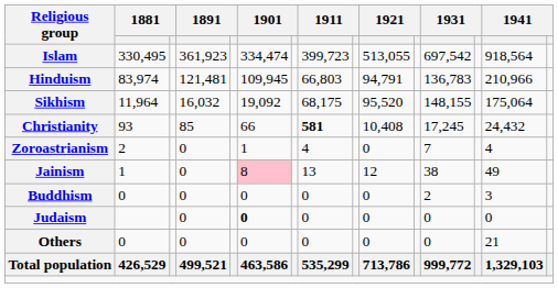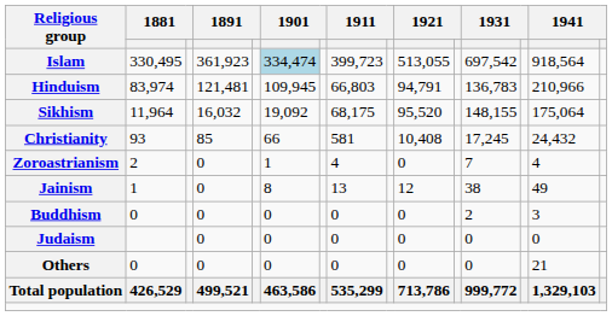 <table class="wikitable sortable">
 <tr>
 <th rowspan="2"><a href='#'>Religious</a><br>group</th>
 <th colspan="2">1881</th>
 <th colspan="2">1891</th>
 <th colspan="2">1901</th>
 <th colspan="2">1911</th>
 <th colspan="2">1921</th>
 <th colspan="2">1931</th>
 <th colspan="2">1941</th>
 </tr>
 <tr>
 <th><a href='#'></a></th>
 <th></th>
 <th></th>
 <th></th>
 <th></th>
 <th></th>
 <th></th>
 <th></th>
 <th></th>
 <th></th>
 <th></th>
 <th></th>
 <th></th>
 <th></th>
 </tr>
 <tr>
 <th><a href='#'>Islam</a> </th>
 <td>330,495</td>
 <td></td>
 <td>361,923</td>
 <td></td>
-<td>334,474</td>
+<td style="background: lightblue;">334,474</td>
 <td></td>
 <td>399,723</td>
 <td></td>
 <td>513,055</td>
 <td></td>
 <td>697,542</td>
 <td></td>
 <td>918,564</td>
 <td></td>
 </tr>
 <tr>
 <th><a href='#'>Hinduism</a> </th>
 <td>83,974</td>
 <td></td>
 <td>121,481</td>
 <td></td>
 <td>109,945</td>
 <td></td>
 <td>66,803</td>
 <td></td>
 <td>94,791</td>
 <td></td>
 <td>136,783</td>
 <td></td>
 <td>210,966</td>
 <td></td>
 </tr>
 <tr>
 <th><a href='#'>Sikhism</a> </th>
 <td>11,964</td>
 <td></td>
 <td>16,032</td>
 <td></td>
 <td>19,092</td>
 <td></td>
 <td>68,175</td>
 <td></td>
 <td>95,520</td>
 <td></td>
 <td>148,155</td>
 <td></td>
 <td>175,064</td>
 <td></td>
 </tr>
 <tr>
 <th><a href='#'>Christianity</a> </th>
 <td>93</td>
 <td></td>
 <td>85</td>
 <td></td>
 <td>66</td>
 <td></td>
-<td><strong>581</strong></td>
+<td>581</td>
 <td></td>
 <td>10,408</td>
 <td></td>
 <td>17,245</td>
 <td></td>
 <td>24,432</td>
 <td></td>
 </tr>
 <tr>
 <th><a href='#'>Zoroastrianism</a> </th>
 <td>2</td>
 <td></td>
 <td>0</td>
 <td></td>
 <td>1</td>
 <td></td>
 <td>4</td>
 <td></td>
 <td>0</td>
 <td></td>
 <td>7</td>
 <td></td>
 <td>4</td>
 <td></td>
 </tr>
 <tr>
 <th><a href='#'>Jainism</a> </th>
 <td>1</td>
 <td></td>
 <td>0</td>
 <td></td>
-<td style="background: pink;">8</td>
+<td>8</td>
 <td></td>
 <td>13</td>
 <td></td>
 <td>12</td>
 <td></td>
 <td>38</td>
 <td></td>
 <td>49</td>
 <td></td>
 </tr>
 <tr>
 <th><a href='#'>Buddhism</a> </th>
 <td>0</td>
 <td></td>
 <td>0</td>
 <td></td>
 <td>0</td>
 <td></td>
 <td>0</td>
 <td></td>
 <td>0</td>
 <td></td>
 <td>2</td>
 <td></td>
 <td>3</td>
 <td></td>
 </tr>
 <tr>
 <th><a href='#'>Judaism</a> </th>
 <td></td>
 <td></td>
 <td>0</td>
 <td></td>
-<td><strong>0</strong></td>
+<td>0</td>
 <td></td>
 <td>0</td>
 <td></td>
 <td>0</td>
 <td></td>
 <td>0</td>
 <td></td>
 <td>0</td>
 <td></td>
 </tr>
 <tr>
 <th>Others</th>
 <td>0</td>
 <td></td>
 <td>0</td>
 <td></td>
 <td>0</td>
 <td></td>
 <td>0</td>
 <td></td>
 <td>0</td>
 <td></td>
 <td>0</td>
 <td></td>
 <td>21</td>
 <td></td>
 </tr>
 <tr>
 <th>Total population</th>
 <th>426,529</th>
 <th></th>
 <th>499,521</th>
 <th></th>
 <th>463,586</th>
 <th></th>
 <th>535,299</th>
 <th></th>
 <th>713,786</th>
 <th></th>
 <th>999,772</th>
 <th></th>
 <th>1,329,103</th>
 <th></th>
 </tr>
 <tr class="sortbottom">
 <td colspan="15"></td>
 </tr>
 </table>
